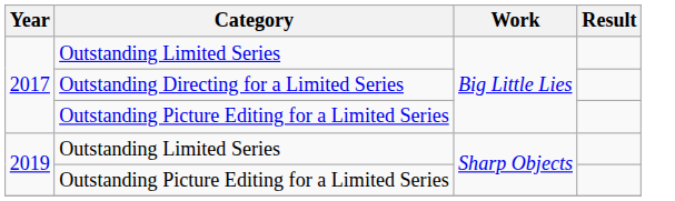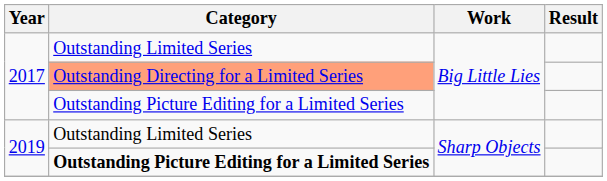 <table class="wikitable">
 <tr>
 <th>Year</th>
 <th>Category</th>
 <th>Work</th>
 <th>Result</th>
 </tr>
 <tr>
 <td rowspan=3><a href='#'>2017</a></td>
 <td><a href='#'>Outstanding Limited Series</a></td>
 <td rowspan=3><em><a href='#'>Big Little Lies</a></em></td>
 <td></td>
 </tr>
 <tr>
-<td><a href='#'>Outstanding Directing for a Limited Series</a></td>
+<td style="background: lightsalmon;"><a href='#'>Outstanding Directing for a Limited Series</a></td>
 <td></td>
 </tr>
 <tr>
 <td><a href='#'>Outstanding Picture Editing for a Limited Series</a></td>
 <td></td>
 </tr>
 <tr>
 <td rowspan=2><a href='#'>2019</a></td>
 <td>Outstanding Limited Series</td>
 <td rowspan=2><em><a href='#'>Sharp Objects</a></em></td>
 <td></td>
 </tr>
 <tr>
-<td>Outstanding Picture Editing for a Limited Series</td>
+<td><strong>Outstanding Picture Editing for a Limited Series</strong></td>
 <td></td>
 </tr>
 <tr>
 </tr>
 </table>
